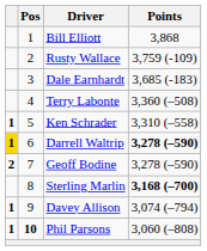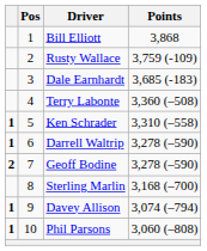 <table class="wikitable" style="font-size: 95%;">
 <tr>
 <th></th>
 <th>Pos</th>
 <th>Driver</th>
 <th>Points</th>
 </tr>
 <tr>
 <td align="left"></td>
 <td style="text-align:center;">1</td>
 <td><a href='#'>Bill Elliott</a></td>
 <td style="text-align:center;">3,868</td>
 </tr>
 <tr>
 <td align="left"></td>
 <td style="text-align:center;">2</td>
 <td><a href='#'>Rusty Wallace</a></td>
 <td style="text-align:center;">3,759 (-109)</td>
 </tr>
 <tr>
 <td align="left"></td>
 <td style="text-align:center;">3</td>
 <td><a href='#'>Dale Earnhardt</a></td>
 <td style="text-align:center;">3,685 (-183)</td>
 </tr>
 <tr>
 <td align="left"></td>
 <td style="text-align:center;">4</td>
 <td><a href='#'>Terry Labonte</a></td>
 <td style="text-align:center;">3,360 (–508)</td>
 </tr>
 <tr>
 <td align="left">  <strong>1</strong></td>
 <td style="text-align:center;">5</td>
 <td><a href='#'>Ken Schrader</a></td>
 <td style="text-align:center;">3,310 (–558)</td>
 </tr>
 <tr>
-<td align="left" style="background: gold;">  <strong>1</strong></td>
+<td align="left">  <strong>1</strong></td>
 <td style="text-align:center;">6</td>
 <td><a href='#'>Darrell Waltrip</a></td>
-<td style="text-align:center;"><strong>3,278 (–590)</strong></td>
+<td style="text-align:center;">3,278 (–590)</td>
 </tr>
 <tr>
 <td align="left">  <strong>2</strong></td>
 <td style="text-align:center;">7</td>
 <td><a href='#'>Geoff Bodine</a></td>
 <td style="text-align:center;">3,278 (–590)</td>
 </tr>
 <tr>
 <td align="left"></td>
 <td style="text-align:center;">8</td>
 <td><a href='#'>Sterling Marlin</a></td>
-<td style="text-align:center;"><strong>3,168 (–700)</strong></td>
+<td style="text-align:center;">3,168 (–700)</td>
 </tr>
 <tr>
 <td align="left">  <strong>1</strong></td>
 <td style="text-align:center;">9</td>
 <td><a href='#'>Davey Allison</a></td>
 <td style="text-align:center;">3,074 (–794)</td>
 </tr>
 <tr>
 <td align="left">  <strong>1</strong></td>
-<td style="text-align:center;"><strong>10</strong></td>
+<td style="text-align:center;">10</td>
 <td><a href='#'>Phil Parsons</a></td>
 <td style="text-align:center;">3,060 (–808)</td>
 </tr>
 <tr class="sortbottom">
 <th colspan="9"></th>
 </tr>
 </table>
